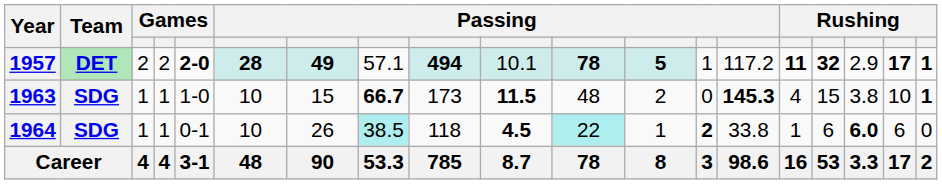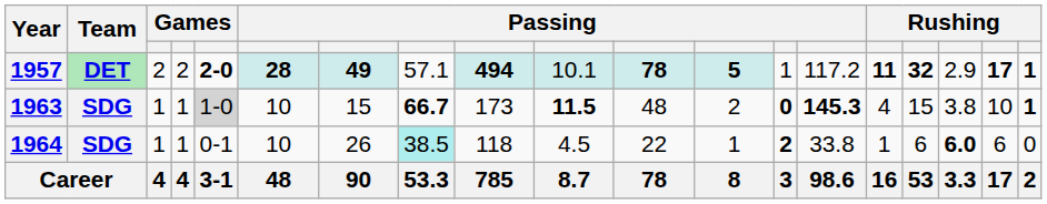 <table class="wikitable" style="text-align:center;">
 <tr>
 <th rowspan="2">Year</th>
 <th rowspan="2">Team</th>
 <th colspan="3">Games</th>
 <th colspan="9">Passing</th>
 <th colspan="5">Rushing</th>
 </tr>
 <tr>
 <th></th>
 <th></th>
 <th></th>
 <th></th>
 <th></th>
 <th></th>
 <th></th>
 <th></th>
 <th></th>
 <th></th>
 <th></th>
 <th></th>
 <th></th>
 <th></th>
 <th></th>
 <th></th>
 <th></th>
 </tr>
 <tr>
 <th><a href='#'>1957</a></th>
 <th style="background:#afe6ba; width:3em;"><a href='#'>DET</a></th>
 <td>2</td>
 <td>2</td>
 <td><strong>2-0</strong></td>
 <td style="background:#cfecec; width:3em;"><strong>28</strong></td>
 <td style="background:#cfecec; width:3em;"><strong>49</strong></td>
 <td>57.1</td>
 <td style="background:#cfecec; width:3em;"><strong>494</strong></td>
 <td style="background:#cfecec; width:3em;">10.1</td>
 <td style="background:#cfecec; width:3em;"><strong>78</strong></td>
 <td style="background:#cfecec; width:3em;"><strong>5</strong></td>
 <td>1</td>
 <td>117.2</td>
 <td><strong>11</strong></td>
 <td><strong>32</strong></td>
 <td>2.9</td>
 <td><strong>17</strong></td>
 <td><strong>1</strong></td>
 </tr>
 <tr>
 <th><a href='#'>1963</a></th>
 <th><a href='#'>SDG</a></th>
 <td>1</td>
 <td>1</td>
-<td>1-0</td>
+<td style="background: lightgrey;">1-0</td>
 <td>10</td>
 <td>15</td>
 <td><strong>66.7</strong></td>
 <td>173</td>
 <td><strong>11.5</strong></td>
 <td>48</td>
 <td>2</td>
-<td>0</td>
+<td><strong>0</strong></td>
 <td><strong>145.3</strong></td>
 <td>4</td>
 <td>15</td>
 <td>3.8</td>
 <td>10</td>
 <td><strong>1</strong></td>
 </tr>
 <tr>
 <th><a href='#'>1964</a></th>
 <th><a href='#'>SDG</a></th>
 <td>1</td>
 <td>1</td>
 <td>0-1</td>
 <td>10</td>
 <td>26</td>
 <td style="background: paleturquoise;">38.5</td>
 <td>118</td>
-<td><strong>4.5</strong></td>
-<td style="background: paleturquoise;">22</td>
+<td>4.5</td>
+<td>22</td>
 <td>1</td>
 <td><strong>2</strong></td>
 <td>33.8</td>
 <td>1</td>
 <td>6</td>
 <td><strong>6.0</strong></td>
 <td>6</td>
 <td>0</td>
 </tr>
 <tr>
 <th colspan="2">Career</th>
 <th>4</th>
 <th>4</th>
 <th>3-1</th>
 <th>48</th>
 <th>90</th>
 <th>53.3</th>
 <th>785</th>
 <th>8.7</th>
 <th>78</th>
 <th>8</th>
 <th>3</th>
 <th>98.6</th>
 <th>16</th>
 <th>53</th>
 <th>3.3</th>
 <th>17</th>
 <th>2</th>
 </tr>
 </table>
